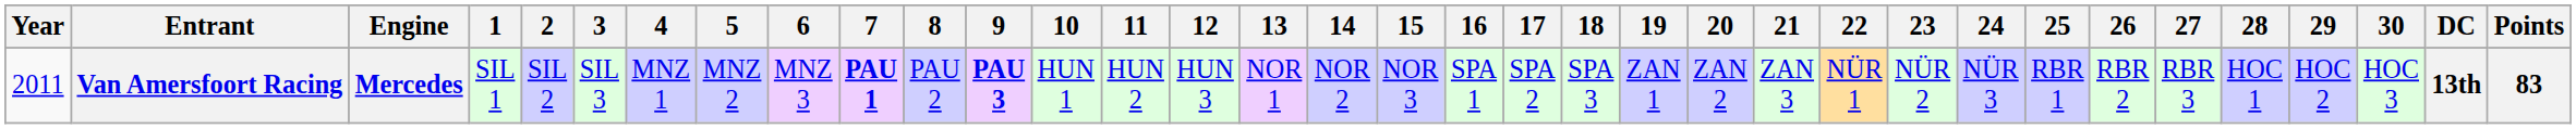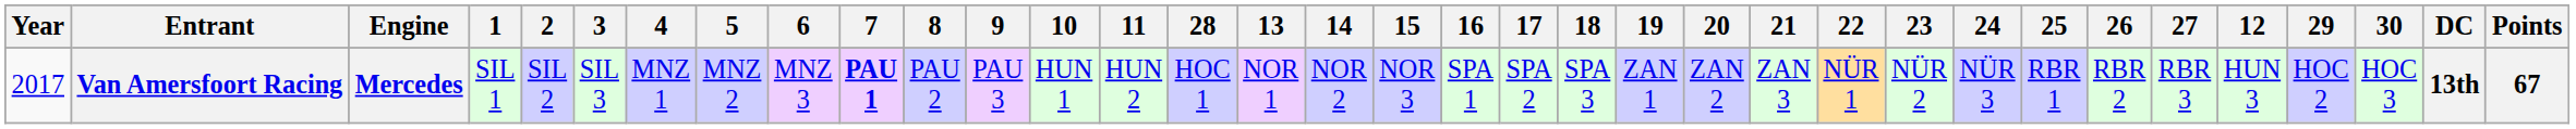 <table class="wikitable" style="text-align:center; font-size:85%">
 <tr>
 <th>Year</th>
 <th>Entrant</th>
 <th>Engine</th>
 <th>1</th>
 <th>2</th>
 <th>3</th>
 <th>4</th>
 <th>5</th>
 <th>6</th>
 <th>7</th>
 <th>8</th>
 <th>9</th>
 <th>10</th>
 <th>11</th>
-<th>12</th>
+<th>28</th>
 <th>13</th>
 <th>14</th>
 <th>15</th>
 <th>16</th>
 <th>17</th>
 <th>18</th>
 <th>19</th>
 <th>20</th>
 <th>21</th>
 <th>22</th>
 <th>23</th>
 <th>24</th>
 <th>25</th>
 <th>26</th>
 <th>27</th>
-<th>28</th>
+<th>12</th>
 <th>29</th>
 <th>30</th>
 <th>DC</th>
 <th>Points</th>
 </tr>
 <tr>
-<td><a href='#'>2011</a></td>
+<td><a href='#'>2017</a></td>
 <th nowrap><a href='#'>Van Amersfoort Racing</a></th>
 <th><a href='#'>Mercedes</a></th>
 <td style="background:#DFFFDF"><a href='#'>SIL<br>1</a><br></td>
 <td style="background:#CFCFFF"><a href='#'>SIL<br>2</a><br></td>
 <td style="background:#DFFFDF"><a href='#'>SIL<br>3</a><br></td>
 <td style="background:#CFCFFF"><a href='#'>MNZ<br>1</a><br></td>
 <td style="background:#CFCFFF"><a href='#'>MNZ<br>2</a><br></td>
 <td style="background:#EFCFFF"><a href='#'>MNZ<br>3</a><br></td>
 <td style="background:#EFCFFF"><strong><a href='#'>PAU<br>1</a><br></strong></td>
 <td style="background:#CFCFFF"><a href='#'>PAU<br>2</a><br></td>
-<td style="background:#EFCFFF"><strong><a href='#'>PAU<br>3</a><br></strong></td>
+<td style="background:#EFCFFF"><a href='#'>PAU<br>3</a><br></td>
 <td style="background:#DFFFDF"><a href='#'>HUN<br>1</a><br></td>
 <td style="background:#DFFFDF"><a href='#'>HUN<br>2</a><br></td>
-<td style="background:#DFFFDF"><a href='#'>HUN<br>3</a><br></td>
+<td style="background:#CFCFFF"><a href='#'>HOC<br>1</a><br></td>
 <td style="background:#EFCFFF"><a href='#'>NOR<br>1</a><br></td>
 <td style="background:#CFCFFF"><a href='#'>NOR<br>2</a><br></td>
 <td style="background:#CFCFFF"><a href='#'>NOR<br>3</a><br></td>
 <td style="background:#DFFFDF"><a href='#'>SPA<br>1</a><br></td>
 <td style="background:#DFFFDF"><a href='#'>SPA<br>2</a><br></td>
 <td style="background:#DFFFDF"><a href='#'>SPA<br>3</a><br></td>
 <td style="background:#CFCFFF"><a href='#'>ZAN<br>1</a><br></td>
 <td style="background:#CFCFFF"><a href='#'>ZAN<br>2</a><br></td>
 <td style="background:#DFFFDF"><a href='#'>ZAN<br>3</a><br></td>
 <td style="background:#FFDF9F"><a href='#'>NÜR<br>1</a><br></td>
 <td style="background:#DFFFDF"><a href='#'>NÜR<br>2</a><br></td>
 <td style="background:#CFCFFF"><a href='#'>NÜR<br>3</a><br></td>
 <td style="background:#CFCFFF"><a href='#'>RBR<br>1</a><br></td>
 <td style="background:#DFFFDF"><a href='#'>RBR<br>2</a><br></td>
 <td style="background:#DFFFDF"><a href='#'>RBR<br>3</a><br></td>
-<td style="background:#CFCFFF"><a href='#'>HOC<br>1</a><br></td>
+<td style="background:#DFFFDF"><a href='#'>HUN<br>3</a><br></td>
 <td style="background:#CFCFFF"><a href='#'>HOC<br>2</a><br></td>
 <td style="background:#DFFFDF"><a href='#'>HOC<br>3</a><br></td>
 <th>13th</th>
-<th>83</th>
+<th>67</th>
 </tr>
 </table>
